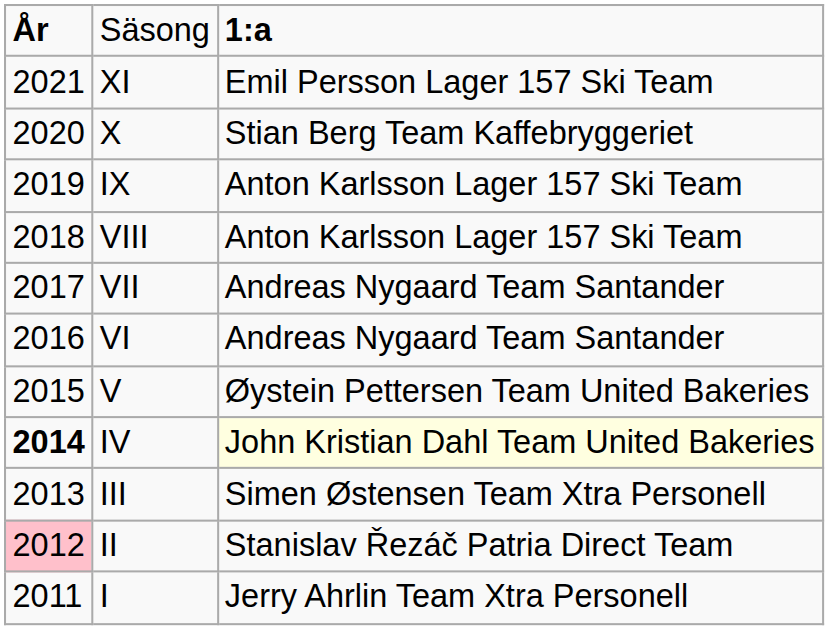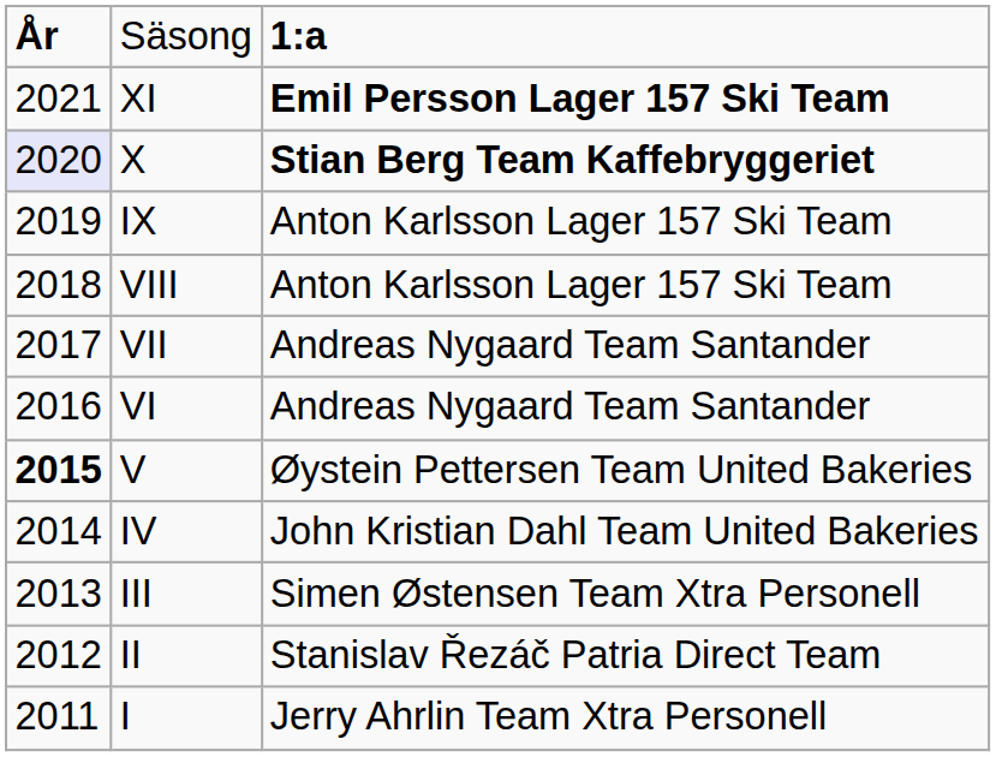 <table class="wikitable sortable">
 <tr>
 <td><strong>År</strong></td>
 <td>Säsong</td>
 <td><strong>1:a</strong></td>
 </tr>
 <tr>
 <td>2021</td>
 <td>XI</td>
-<td>Emil Persson Lager 157 Ski Team</td>
+<td><strong>Emil Persson Lager 157 Ski Team</strong></td>
 </tr>
 <tr>
-<td>2020</td>
+<td style="background: lavender;">2020</td>
 <td>X</td>
-<td>Stian Berg Team Kaffebryggeriet</td>
+<td><strong>Stian Berg Team Kaffebryggeriet</strong></td>
 </tr>
 <tr>
 <td>2019</td>
 <td>IX</td>
 <td>Anton Karlsson Lager 157 Ski Team</td>
 </tr>
 <tr>
 <td>2018</td>
 <td>VIII</td>
 <td>Anton Karlsson Lager 157 Ski Team</td>
 </tr>
 <tr>
 <td>2017</td>
 <td>VII</td>
 <td>Andreas Nygaard Team Santander</td>
 </tr>
 <tr>
 <td>2016</td>
 <td>VI</td>
 <td>Andreas Nygaard Team Santander</td>
 </tr>
 <tr>
-<td>2015</td>
+<td><strong>2015</strong></td>
 <td>V</td>
 <td>Øystein Pettersen Team United Bakeries</td>
 </tr>
 <tr>
-<td><strong>2014</strong></td>
+<td>2014</td>
 <td>IV</td>
-<td style="background: lightyellow;">John Kristian Dahl Team United Bakeries</td>
+<td>John Kristian Dahl Team United Bakeries</td>
 </tr>
 <tr>
 <td>2013</td>
 <td>III</td>
 <td>Simen Østensen Team Xtra Personell</td>
 </tr>
 <tr>
-<td style="background: pink;">2012</td>
+<td>2012</td>
 <td>II</td>
 <td>Stanislav Řezáč Patria Direct Team</td>
 </tr>
 <tr>
 <td>2011</td>
 <td>I</td>
 <td>Jerry Ahrlin Team Xtra Personell</td>
 </tr>
 </table>
